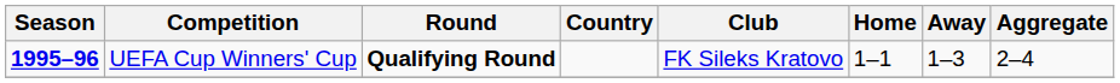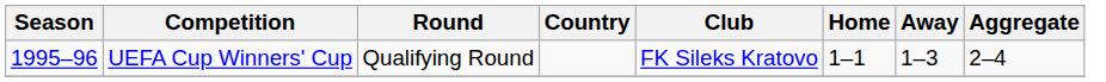 <table class="wikitable">
 <tr>
 <th>Season</th>
 <th>Competition</th>
 <th>Round</th>
 <th>Country</th>
 <th>Club</th>
 <th>Home</th>
 <th>Away</th>
 <th>Aggregate</th>
 </tr>
 <tr>
-<td><strong><a href='#'>1995–96</a></strong></td>
+<td><a href='#'>1995–96</a></td>
 <td><a href='#'>UEFA Cup Winners' Cup</a></td>
-<td><strong>Qualifying Round</strong></td>
+<td>Qualifying Round</td>
 <td></td>
 <td><a href='#'>FK Sileks Kratovo</a></td>
 <td>1–1</td>
 <td>1–3</td>
 <td>2–4</td>
 </tr>
 <tr>
 </tr>
 </table>
